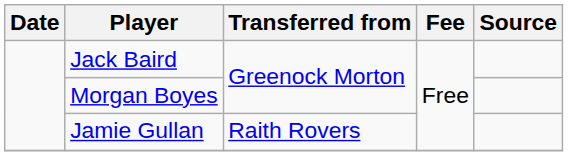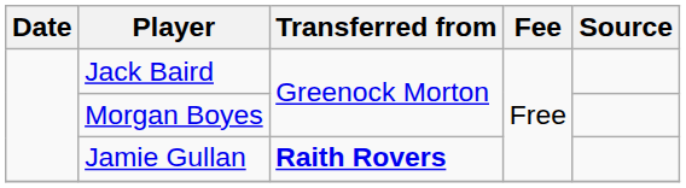 <table class="wikitable plainrowheaders sortable">
 <tr>
 <th scope=col>Date</th>
 <th scope=col>Player</th>
 <th scope=col>Transferred from</th>
 <th scope=col>Fee</th>
 <th scope=col>Source</th>
 </tr>
 <tr>
 <td rowspan=3></td>
 <td> <a href='#'>Jack Baird</a></td>
 <td rowspan=2> <a href='#'>Greenock Morton</a></td>
 <td rowspan=3>Free</td>
 <td></td>
 </tr>
 <tr>
 <td> <a href='#'>Morgan Boyes</a></td>
 <td></td>
 </tr>
 <tr>
 <td> <a href='#'>Jamie Gullan</a></td>
-<td> <a href='#'>Raith Rovers</a></td>
+<td><strong> <a href='#'>Raith Rovers</a></strong></td>
 <td></td>
 </tr>
 <tr>
 </tr>
 </table>
